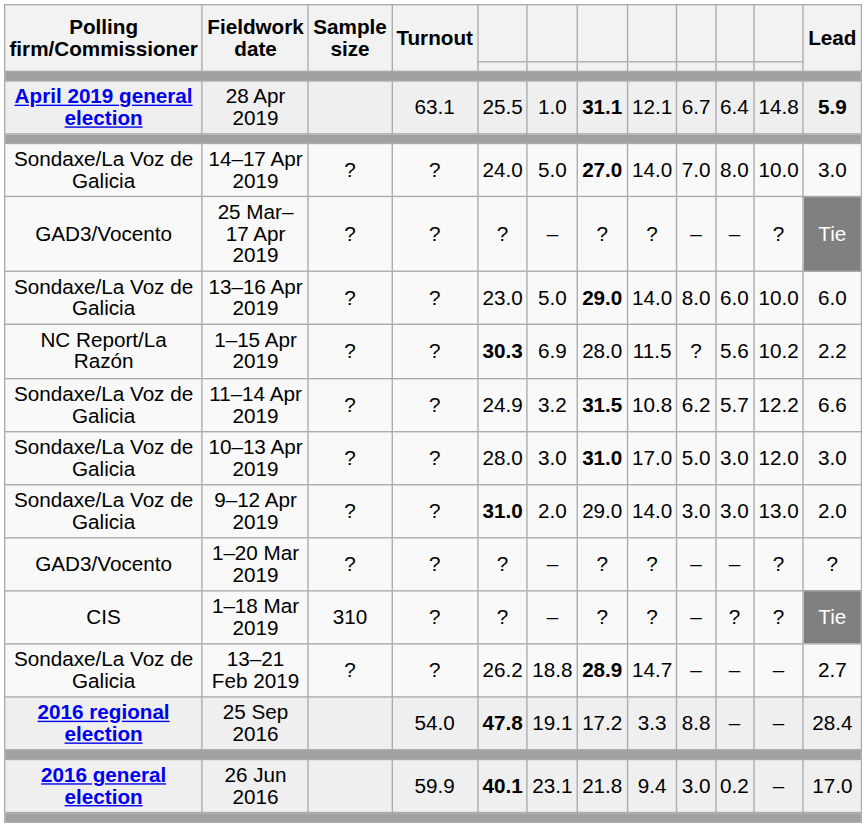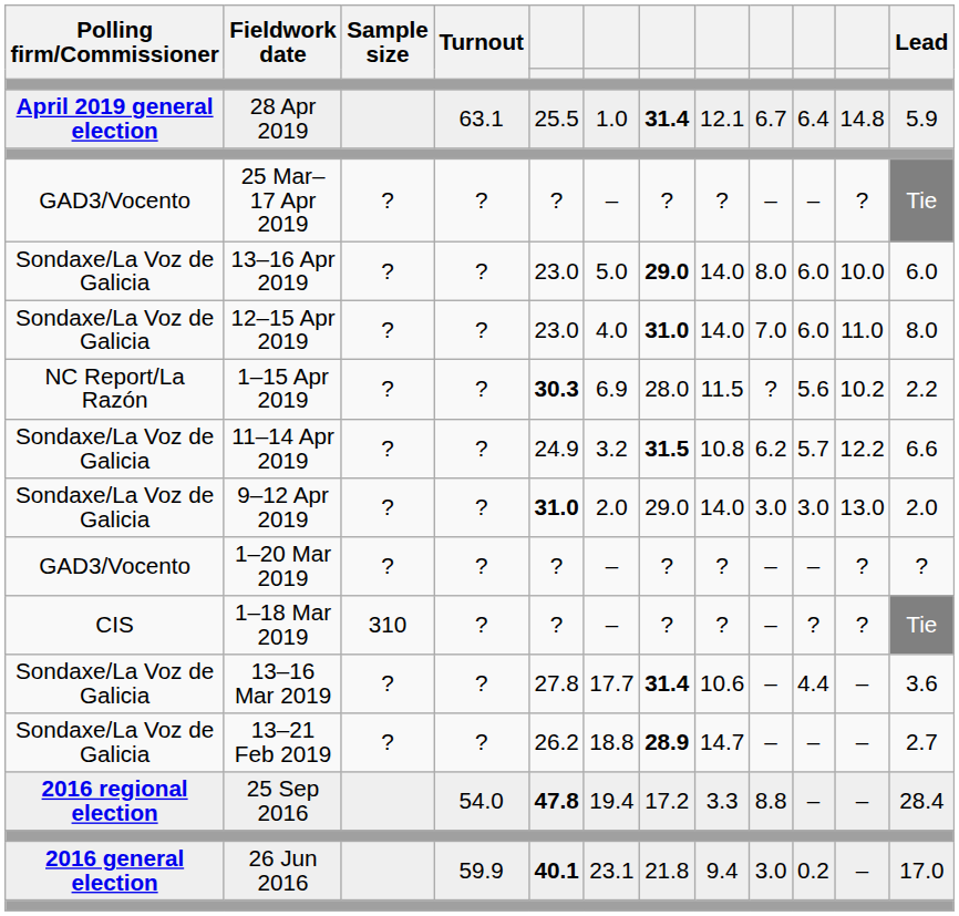 <table class="wikitable collapsible collapsed" style="text-align:center; font-size:95%; line-height:16px;">
 <tr style="height:42px;">
 <th style="width:250px;" rowspan="2">Polling firm/Commissioner</th>
 <th style="width:125px;" rowspan="2">Fieldwork date</th>
 <th style="width:50px;" rowspan="2">Sample size</th>
 <th style="width:45px;" rowspan="2">Turnout</th>
 <th style="width:35px;"></th>
 <th style="width:35px;"></th>
 <th style="width:35px;"></th>
 <th style="width:35px;"></th>
 <th style="width:35px;"></th>
 <th style="width:35px;"></th>
 <th style="width:35px;"></th>
 <th style="width:30px;" rowspan="2">Lead</th>
 </tr>
 <tr>
 <th style="color:inherit;background:"></th>
 <th style="color:inherit;background:"></th>
 <th style="color:inherit;background:"></th>
 <th style="color:inherit;background:"></th>
 <th style="color:inherit;background:"></th>
 <th style="color:inherit;background:"></th>
 <th style="color:inherit;background:"></th>
 </tr>
 <tr>
 <td colspan="12" style="background:#A0A0A0"></td>
 </tr>
 <tr style="background:#EFEFEF;">
 <td><strong><a href='#'>April 2019 general election</a></strong></td>
 <td>28 Apr 2019</td>
 <td></td>
 <td>63.1</td>
 <td>25.5<br></td>
 <td>1.0<br></td>
-<td><strong>31.1</strong><br></td>
+<td><strong>31.4</strong><br></td>
 <td>12.1<br></td>
 <td>6.7<br></td>
 <td>6.4<br></td>
 <td>14.8<br></td>
-<td style="background:"><strong>5.9</strong></td>
+<td style="background:">5.9</td>
 </tr>
 <tr>
 <td colspan="12" style="background:#A0A0A0"></td>
-</tr>
-<tr>
-<td>Sondaxe/La Voz de Galicia</td>
-<td>14–17 Apr 2019</td>
-<td>?</td>
-<td>?</td>
-<td>24.0<br></td>
-<td>5.0<br></td>
-<td><strong>27.0</strong><br></td>
-<td>14.0<br></td>
-<td>7.0<br></td>
-<td>8.0<br></td>
-<td>10.0<br></td>
-<td style="background:">3.0</td>
 </tr>
 <tr>
 <td>GAD3/Vocento</td>
 <td>25 Mar–17 Apr 2019</td>
 <td>?</td>
 <td>?</td>
 <td>?<br></td>
 <td>–</td>
 <td>?<br></td>
 <td>?<br></td>
 <td>–</td>
 <td>–</td>
 <td>?<br></td>
 <td style="background:gray;color:white;">Tie</td>
 </tr>
 <tr>
 <td>Sondaxe/La Voz de Galicia</td>
 <td>13–16 Apr 2019</td>
 <td>?</td>
 <td>?</td>
 <td>23.0<br></td>
 <td>5.0<br></td>
 <td><strong>29.0</strong><br></td>
 <td>14.0<br></td>
 <td>8.0<br></td>
 <td>6.0<br></td>
 <td>10.0<br></td>
 <td style="background:">6.0</td>
 </tr>
 <tr>
+<td>Sondaxe/La Voz de Galicia</td>
+<td>12–15 Apr 2019</td>
+<td>?</td>
+<td>?</td>
+<td>23.0<br></td>
+<td>4.0<br></td>
+<td><strong>31.0</strong><br></td>
+<td>14.0<br></td>
+<td>7.0<br></td>
+<td>6.0<br></td>
+<td>11.0<br></td>
+<td style="background:">8.0</td>
+</tr>
+<tr>
 <td>NC Report/La Razón</td>
 <td>1–15 Apr 2019</td>
 <td>?</td>
 <td>?</td>
 <td><strong>30.3</strong><br></td>
 <td>6.9<br></td>
 <td>28.0<br></td>
 <td>11.5<br></td>
 <td>?<br></td>
 <td>5.6<br></td>
 <td>10.2<br></td>
 <td style="background:">2.2</td>
 </tr>
 <tr>
 <td>Sondaxe/La Voz de Galicia</td>
 <td>11–14 Apr 2019</td>
 <td>?</td>
 <td>?</td>
 <td>24.9<br></td>
 <td>3.2<br></td>
 <td><strong>31.5</strong><br></td>
 <td>10.8<br></td>
 <td>6.2<br></td>
 <td>5.7<br></td>
 <td>12.2<br></td>
 <td style="background:">6.6</td>
-</tr>
-<tr>
-<td>Sondaxe/La Voz de Galicia</td>
-<td>10–13 Apr 2019</td>
-<td>?</td>
-<td>?</td>
-<td>28.0<br></td>
-<td>3.0<br></td>
-<td><strong>31.0</strong><br></td>
-<td>17.0<br></td>
-<td>5.0<br></td>
-<td>3.0<br></td>
-<td>12.0<br></td>
-<td style="background:">3.0</td>
 </tr>
 <tr>
 <td>Sondaxe/La Voz de Galicia</td>
 <td>9–12 Apr 2019</td>
 <td>?</td>
 <td>?</td>
 <td><strong>31.0</strong><br></td>
 <td>2.0<br></td>
 <td>29.0<br></td>
 <td>14.0<br></td>
 <td>3.0<br></td>
 <td>3.0<br></td>
 <td>13.0<br></td>
 <td style="background:">2.0</td>
 </tr>
 <tr>
 <td>GAD3/Vocento</td>
 <td>1–20 Mar 2019</td>
 <td>?</td>
 <td>?</td>
 <td>?<br></td>
 <td>–</td>
 <td>?<br></td>
 <td>?<br></td>
 <td>–</td>
 <td>–</td>
 <td>?<br></td>
 <td style="background:">?</td>
 </tr>
 <tr>
 <td>CIS</td>
 <td>1–18 Mar 2019</td>
 <td>310</td>
 <td>?</td>
 <td>?<br></td>
 <td>–</td>
 <td>?<br></td>
 <td>?<br></td>
 <td>–</td>
 <td>?<br></td>
 <td>?<br></td>
 <td style="background:gray;color:white;">Tie</td>
 </tr>
 <tr>
 <td>Sondaxe/La Voz de Galicia</td>
+<td>13–16 Mar 2019</td>
+<td>?</td>
+<td>?</td>
+<td>27.8<br></td>
+<td>17.7<br></td>
+<td><strong>31.4</strong><br></td>
+<td>10.6<br></td>
+<td>–</td>
+<td>4.4<br></td>
+<td>–</td>
+<td style="background:">3.6</td>
+</tr>
+<tr>
+<td>Sondaxe/La Voz de Galicia</td>
 <td>13–21 Feb 2019</td>
 <td>?</td>
 <td>?</td>
 <td>26.2<br></td>
 <td>18.8<br></td>
 <td><strong>28.9</strong><br></td>
 <td>14.7<br></td>
 <td>–</td>
 <td>–</td>
 <td>–</td>
 <td style="background:">2.7</td>
 </tr>
 <tr style="background:#EFEFEF;">
 <td><strong><a href='#'>2016 regional election</a></strong></td>
 <td>25 Sep 2016</td>
 <td></td>
 <td>54.0</td>
 <td><strong>47.8</strong><br></td>
-<td>19.1<br></td>
+<td>19.4<br></td>
 <td>17.2<br></td>
 <td>3.3<br></td>
 <td>8.8<br></td>
 <td>–</td>
 <td>–</td>
 <td style="background:">28.4</td>
 </tr>
 <tr>
 <td colspan="12" style="background:#A0A0A0"></td>
 </tr>
 <tr style="background:#EFEFEF;">
 <td><strong><a href='#'>2016 general election</a></strong></td>
 <td>26 Jun 2016</td>
 <td></td>
 <td>59.9</td>
 <td><strong>40.1</strong><br></td>
 <td>23.1<br></td>
 <td>21.8<br></td>
 <td>9.4<br></td>
 <td>3.0<br></td>
 <td>0.2<br></td>
 <td>–</td>
 <td style="background:">17.0</td>
 </tr>
 <tr>
 <td colspan="12" style="background:#A0A0A0"></td>
 </tr>
 </table>
